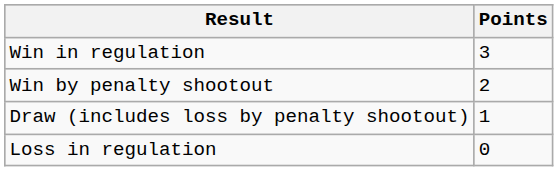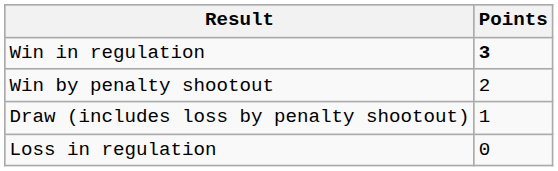 <table class="wikitable" style="font-size: 90%;">
 <tr>
 <th>Result</th>
 <th>Points</th>
 </tr>
 <tr>
 <td>Win in regulation</td>
-<td>3</td>
+<td><strong>3</strong></td>
 </tr>
 <tr>
 <td>Win by penalty shootout</td>
 <td>2</td>
 </tr>
 <tr>
 <td>Draw (includes loss by penalty shootout)</td>
 <td>1</td>
 </tr>
 <tr>
 <td>Loss in regulation</td>
 <td>0</td>
 </tr>
 </table>
